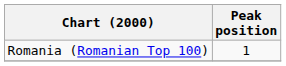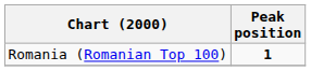 <table class="wikitable">
 <tr>
 <th>Chart (2000)</th>
 <th>Peak<br>position</th>
 </tr>
 <tr>
 <td>Romania (<a href='#'>Romanian Top 100</a>)</td>
-<td align="center">1</td>
+<td align="center"><strong>1</strong></td>
 </tr>
 <tr>
 </tr>
 </table>
